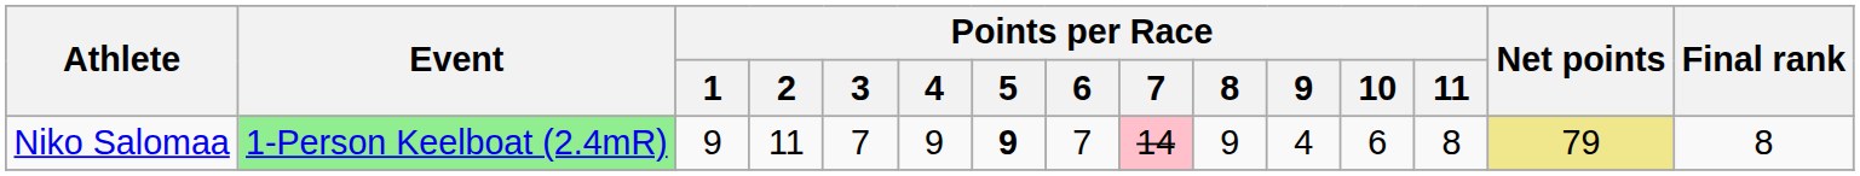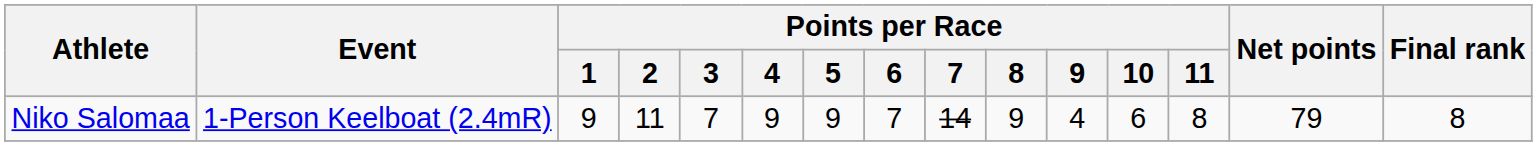 <table class="wikitable">
 <tr>
 <th rowspan="2">Athlete</th>
 <th rowspan="2">Event</th>
 <th colspan=11>Points per Race</th>
 <th rowspan=2>Net points</th>
 <th rowspan=2>Final rank</th>
 </tr>
 <tr>
 <th width=4%>1</th>
 <th width=4%>2</th>
 <th width=4%>3</th>
 <th width=4%>4</th>
 <th width=4%>5</th>
 <th width=4%>6</th>
 <th width=4%>7</th>
 <th width=4%>8</th>
 <th width=4%>9</th>
 <th width=4%>10</th>
 <th width=4%>11</th>
 </tr>
 <tr align=center>
 <td align=left><a href='#'>Niko Salomaa</a></td>
-<td align=left style="background: lightgreen;"><a href='#'>1-Person Keelboat (2.4mR)</a></td>
+<td align=left><a href='#'>1-Person Keelboat (2.4mR)</a></td>
 <td>9</td>
 <td>11</td>
 <td>7</td>
 <td>9</td>
-<td><strong>9</strong></td>
+<td>9</td>
 <td>7</td>
-<td style="background: pink;"><s>14</s></td>
+<td><s>14</s></td>
 <td>9</td>
 <td>4</td>
 <td>6</td>
 <td>8</td>
-<td style="background: khaki;">79</td>
+<td>79</td>
 <td>8</td>
 </tr>
 </table>
